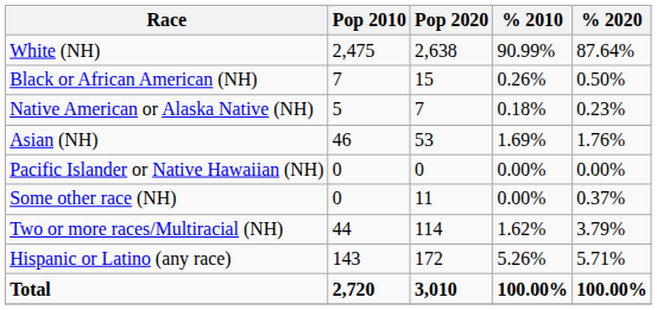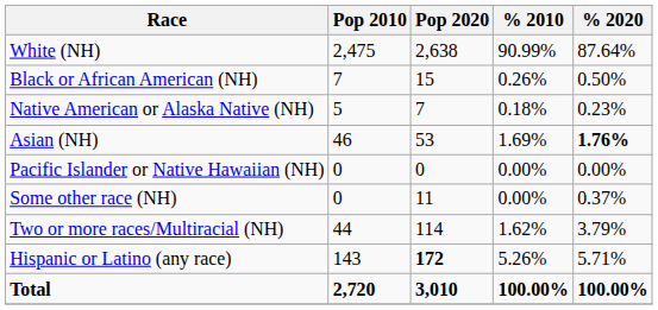 <table class="wikitable">
 <tr>
 <th>Race</th>
 <th>Pop 2010</th>
 <th>Pop 2020</th>
 <th>% 2010</th>
 <th>% 2020</th>
 </tr>
 <tr>
 <td><a href='#'>White</a> (NH)</td>
 <td>2,475</td>
 <td>2,638</td>
 <td>90.99%</td>
 <td>87.64%</td>
 </tr>
 <tr>
 <td><a href='#'>Black or African American</a> (NH)</td>
 <td>7</td>
 <td>15</td>
 <td>0.26%</td>
 <td>0.50%</td>
 </tr>
 <tr>
 <td><a href='#'>Native American</a> or <a href='#'>Alaska Native</a> (NH)</td>
 <td>5</td>
 <td>7</td>
 <td>0.18%</td>
 <td>0.23%</td>
 </tr>
 <tr>
 <td><a href='#'>Asian</a> (NH)</td>
 <td>46</td>
 <td>53</td>
 <td>1.69%</td>
-<td>1.76%</td>
+<td><strong>1.76%</strong></td>
 </tr>
 <tr>
 <td><a href='#'>Pacific Islander</a> or <a href='#'>Native Hawaiian</a> (NH)</td>
 <td>0</td>
 <td>0</td>
 <td>0.00%</td>
 <td>0.00%</td>
 </tr>
 <tr>
 <td><a href='#'>Some other race</a> (NH)</td>
 <td>0</td>
 <td>11</td>
 <td>0.00%</td>
 <td>0.37%</td>
 </tr>
 <tr>
 <td><a href='#'>Two or more races/Multiracial</a> (NH)</td>
 <td>44</td>
 <td>114</td>
 <td>1.62%</td>
 <td>3.79%</td>
 </tr>
 <tr>
 <td><a href='#'>Hispanic or Latino</a> (any race)</td>
 <td>143</td>
-<td>172</td>
+<td><strong>172</strong></td>
 <td>5.26%</td>
 <td>5.71%</td>
 </tr>
 <tr>
 <td><strong>Total</strong></td>
 <td><strong>2,720</strong></td>
 <td><strong>3,010</strong></td>
 <td><strong>100.00%</strong></td>
 <td><strong>100.00%</strong></td>
 </tr>
 <tr>
 </tr>
 </table>
